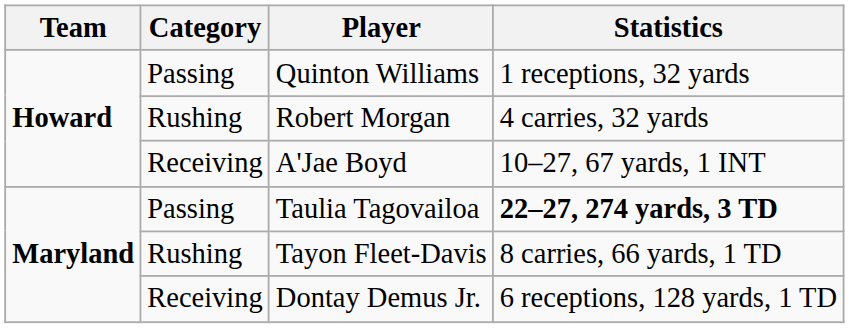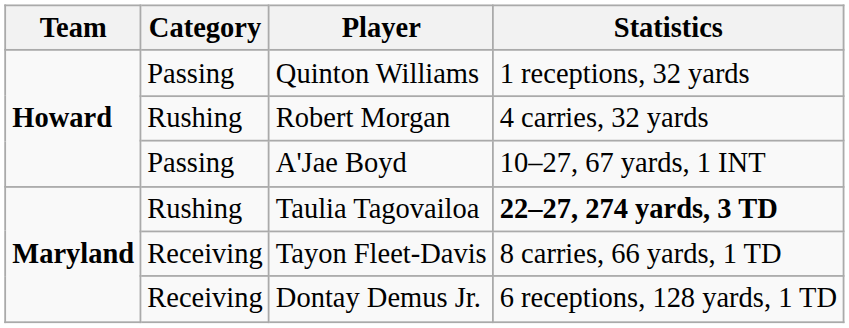 <table class="wikitable" style="float: right;">
 <tr>
 <th>Team</th>
 <th>Category</th>
 <th>Player</th>
 <th>Statistics</th>
 </tr>
 <tr>
 <td rowspan=3><strong>Howard</strong></td>
 <td>Passing</td>
 <td>Quinton Williams</td>
 <td>1 receptions, 32 yards</td>
 </tr>
 <tr>
 <td>Rushing</td>
 <td>Robert Morgan</td>
 <td>4 carries, 32 yards</td>
 </tr>
 <tr>
-<td>Receiving</td>
+<td>Passing</td>
 <td>A'Jae Boyd</td>
 <td>10–27, 67 yards, 1 INT</td>
 </tr>
 <tr>
 <td rowspan=3><strong>Maryland</strong></td>
-<td>Passing</td>
+<td>Rushing</td>
 <td>Taulia Tagovailoa</td>
 <td><strong>22–27, 274 yards, 3 TD</strong></td>
 </tr>
 <tr>
-<td>Rushing</td>
+<td>Receiving</td>
 <td>Tayon Fleet-Davis</td>
 <td>8 carries, 66 yards, 1 TD</td>
 </tr>
 <tr>
 <td>Receiving</td>
 <td>Dontay Demus Jr.</td>
 <td>6 receptions, 128 yards, 1 TD</td>
 </tr>
 </table>
